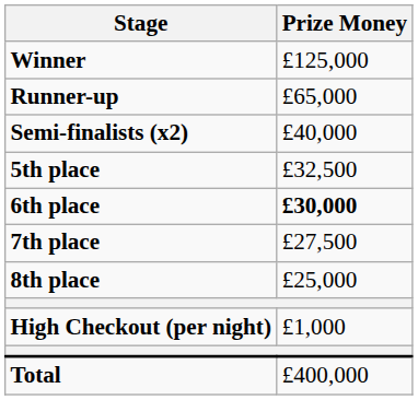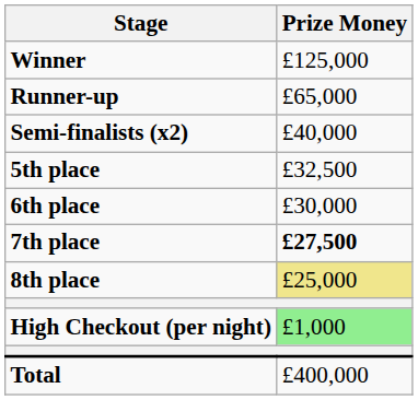 <table class="wikitable">
 <tr>
 <th>Stage</th>
 <th>Prize Money</th>
 </tr>
 <tr>
 <td><strong>Winner</strong></td>
 <td>£125,000</td>
 </tr>
 <tr>
 <td><strong>Runner-up</strong></td>
 <td>£65,000</td>
 </tr>
 <tr>
 <td><strong>Semi-finalists (x2)</strong></td>
 <td>£40,000</td>
 </tr>
 <tr>
 <td><strong>5th place</strong></td>
 <td>£32,500</td>
 </tr>
 <tr>
 <td><strong>6th place</strong></td>
-<td><strong>£30,000</strong></td>
+<td>£30,000</td>
 </tr>
 <tr>
 <td><strong>7th place</strong></td>
-<td>£27,500</td>
+<td><strong>£27,500</strong></td>
 </tr>
 <tr>
 <td><strong>8th place</strong></td>
-<td>£25,000</td>
+<td style="background: khaki;">£25,000</td>
 </tr>
 <tr>
 <th colspan=3></th>
 </tr>
 <tr>
 <td><strong>High Checkout (per night)</strong></td>
-<td>£1,000</td>
+<td style="background: lightgreen;">£1,000</td>
 </tr>
 <tr>
 <th colspan=3></th>
 </tr>
 <tr style="border-top:2px solid black;">
 <td><strong>Total</strong></td>
 <td>£400,000</td>
 </tr>
 </table>
